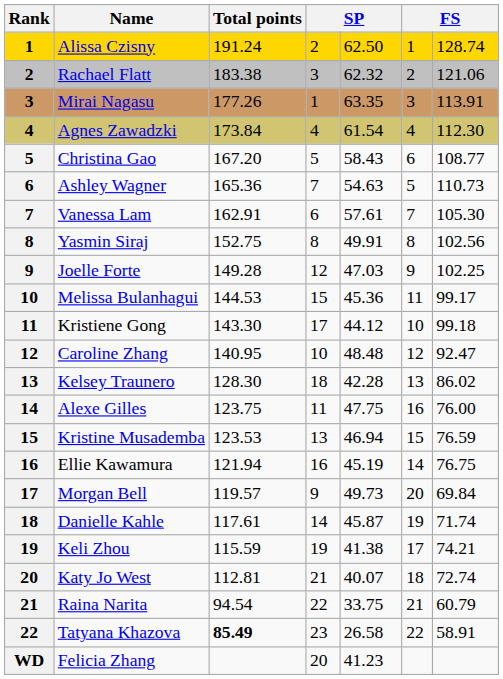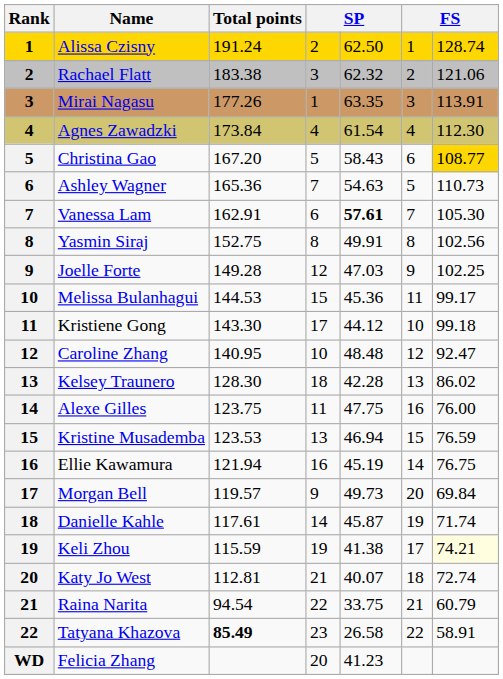 <table class="wikitable sortable">
 <tr>
 <th>Rank</th>
 <th>Name</th>
 <th>Total points</th>
 <th colspan="2" width="80px"><a href='#'>SP</a></th>
 <th colspan="2" width="80px"><a href='#'>FS</a></th>
 </tr>
 <tr bgcolor="gold">
 <td align="center"><strong>1</strong></td>
 <td><a href='#'>Alissa Czisny</a></td>
 <td>191.24</td>
 <td>2</td>
 <td>62.50</td>
 <td>1</td>
 <td>128.74</td>
 </tr>
 <tr bgcolor="silver">
 <td align="center"><strong>2</strong></td>
 <td><a href='#'>Rachael Flatt</a></td>
 <td>183.38</td>
 <td>3</td>
 <td>62.32</td>
 <td>2</td>
 <td>121.06</td>
 </tr>
 <tr bgcolor="cc9966">
 <td align="center"><strong>3</strong></td>
 <td><a href='#'>Mirai Nagasu</a></td>
 <td>177.26</td>
 <td>1</td>
 <td>63.35</td>
 <td>3</td>
 <td>113.91</td>
 </tr>
 <tr bgcolor="#d1c571">
 <td align="center"><strong>4</strong></td>
 <td><a href='#'>Agnes Zawadzki</a></td>
 <td>173.84</td>
 <td>4</td>
 <td>61.54</td>
 <td>4</td>
 <td>112.30</td>
 </tr>
 <tr>
 <th>5</th>
 <td><a href='#'>Christina Gao</a></td>
 <td>167.20</td>
 <td>5</td>
 <td>58.43</td>
 <td>6</td>
-<td>108.77</td>
+<td style="background: gold;">108.77</td>
 </tr>
 <tr>
 <th>6</th>
 <td><a href='#'>Ashley Wagner</a></td>
 <td>165.36</td>
 <td>7</td>
 <td>54.63</td>
 <td>5</td>
 <td>110.73</td>
 </tr>
 <tr>
 <th>7</th>
 <td><a href='#'>Vanessa Lam</a></td>
 <td>162.91</td>
 <td>6</td>
-<td>57.61</td>
+<td><strong>57.61</strong></td>
 <td>7</td>
 <td>105.30</td>
 </tr>
 <tr>
 <th>8</th>
 <td><a href='#'>Yasmin Siraj</a></td>
 <td>152.75</td>
 <td>8</td>
 <td>49.91</td>
 <td>8</td>
 <td>102.56</td>
 </tr>
 <tr>
 <th>9</th>
 <td><a href='#'>Joelle Forte</a></td>
 <td>149.28</td>
 <td>12</td>
 <td>47.03</td>
 <td>9</td>
 <td>102.25</td>
 </tr>
 <tr>
 <th>10</th>
 <td><a href='#'>Melissa Bulanhagui</a></td>
 <td>144.53</td>
 <td>15</td>
 <td>45.36</td>
 <td>11</td>
 <td>99.17</td>
 </tr>
 <tr>
 <th>11</th>
 <td>Kristiene Gong</td>
 <td>143.30</td>
 <td>17</td>
 <td>44.12</td>
 <td>10</td>
 <td>99.18</td>
 </tr>
 <tr>
 <th>12</th>
 <td><a href='#'>Caroline Zhang</a></td>
 <td>140.95</td>
 <td>10</td>
 <td>48.48</td>
 <td>12</td>
 <td>92.47</td>
 </tr>
 <tr>
 <th>13</th>
 <td><a href='#'>Kelsey Traunero</a></td>
 <td>128.30</td>
 <td>18</td>
 <td>42.28</td>
 <td>13</td>
 <td>86.02</td>
 </tr>
 <tr>
 <th>14</th>
 <td><a href='#'>Alexe Gilles</a></td>
 <td>123.75</td>
 <td>11</td>
 <td>47.75</td>
 <td>16</td>
 <td>76.00</td>
 </tr>
 <tr>
 <th>15</th>
 <td><a href='#'>Kristine Musademba</a></td>
 <td>123.53</td>
 <td>13</td>
 <td>46.94</td>
 <td>15</td>
 <td>76.59</td>
 </tr>
 <tr>
 <th>16</th>
 <td>Ellie Kawamura</td>
 <td>121.94</td>
 <td>16</td>
 <td>45.19</td>
 <td>14</td>
 <td>76.75</td>
 </tr>
 <tr>
 <th>17</th>
 <td><a href='#'>Morgan Bell</a></td>
 <td>119.57</td>
 <td>9</td>
 <td>49.73</td>
 <td>20</td>
 <td>69.84</td>
 </tr>
 <tr>
 <th>18</th>
 <td><a href='#'>Danielle Kahle</a></td>
 <td>117.61</td>
 <td>14</td>
 <td>45.87</td>
 <td>19</td>
 <td>71.74</td>
 </tr>
 <tr>
 <th>19</th>
 <td><a href='#'>Keli Zhou</a></td>
 <td>115.59</td>
 <td>19</td>
 <td>41.38</td>
 <td>17</td>
-<td>74.21</td>
+<td style="background: lightyellow;">74.21</td>
 </tr>
 <tr>
 <th>20</th>
 <td><a href='#'>Katy Jo West</a></td>
 <td>112.81</td>
 <td>21</td>
 <td>40.07</td>
 <td>18</td>
 <td>72.74</td>
 </tr>
 <tr>
 <th>21</th>
 <td><a href='#'>Raina Narita</a></td>
 <td>94.54</td>
 <td>22</td>
 <td>33.75</td>
 <td>21</td>
 <td>60.79</td>
 </tr>
 <tr>
 <th>22</th>
 <td><a href='#'>Tatyana Khazova</a></td>
 <td><strong>85.49</strong></td>
 <td>23</td>
 <td>26.58</td>
 <td>22</td>
 <td>58.91</td>
 </tr>
 <tr>
 <th>WD</th>
 <td><a href='#'>Felicia Zhang</a></td>
 <td></td>
 <td>20</td>
 <td>41.23</td>
 <td></td>
 <td></td>
 </tr>
 </table>
